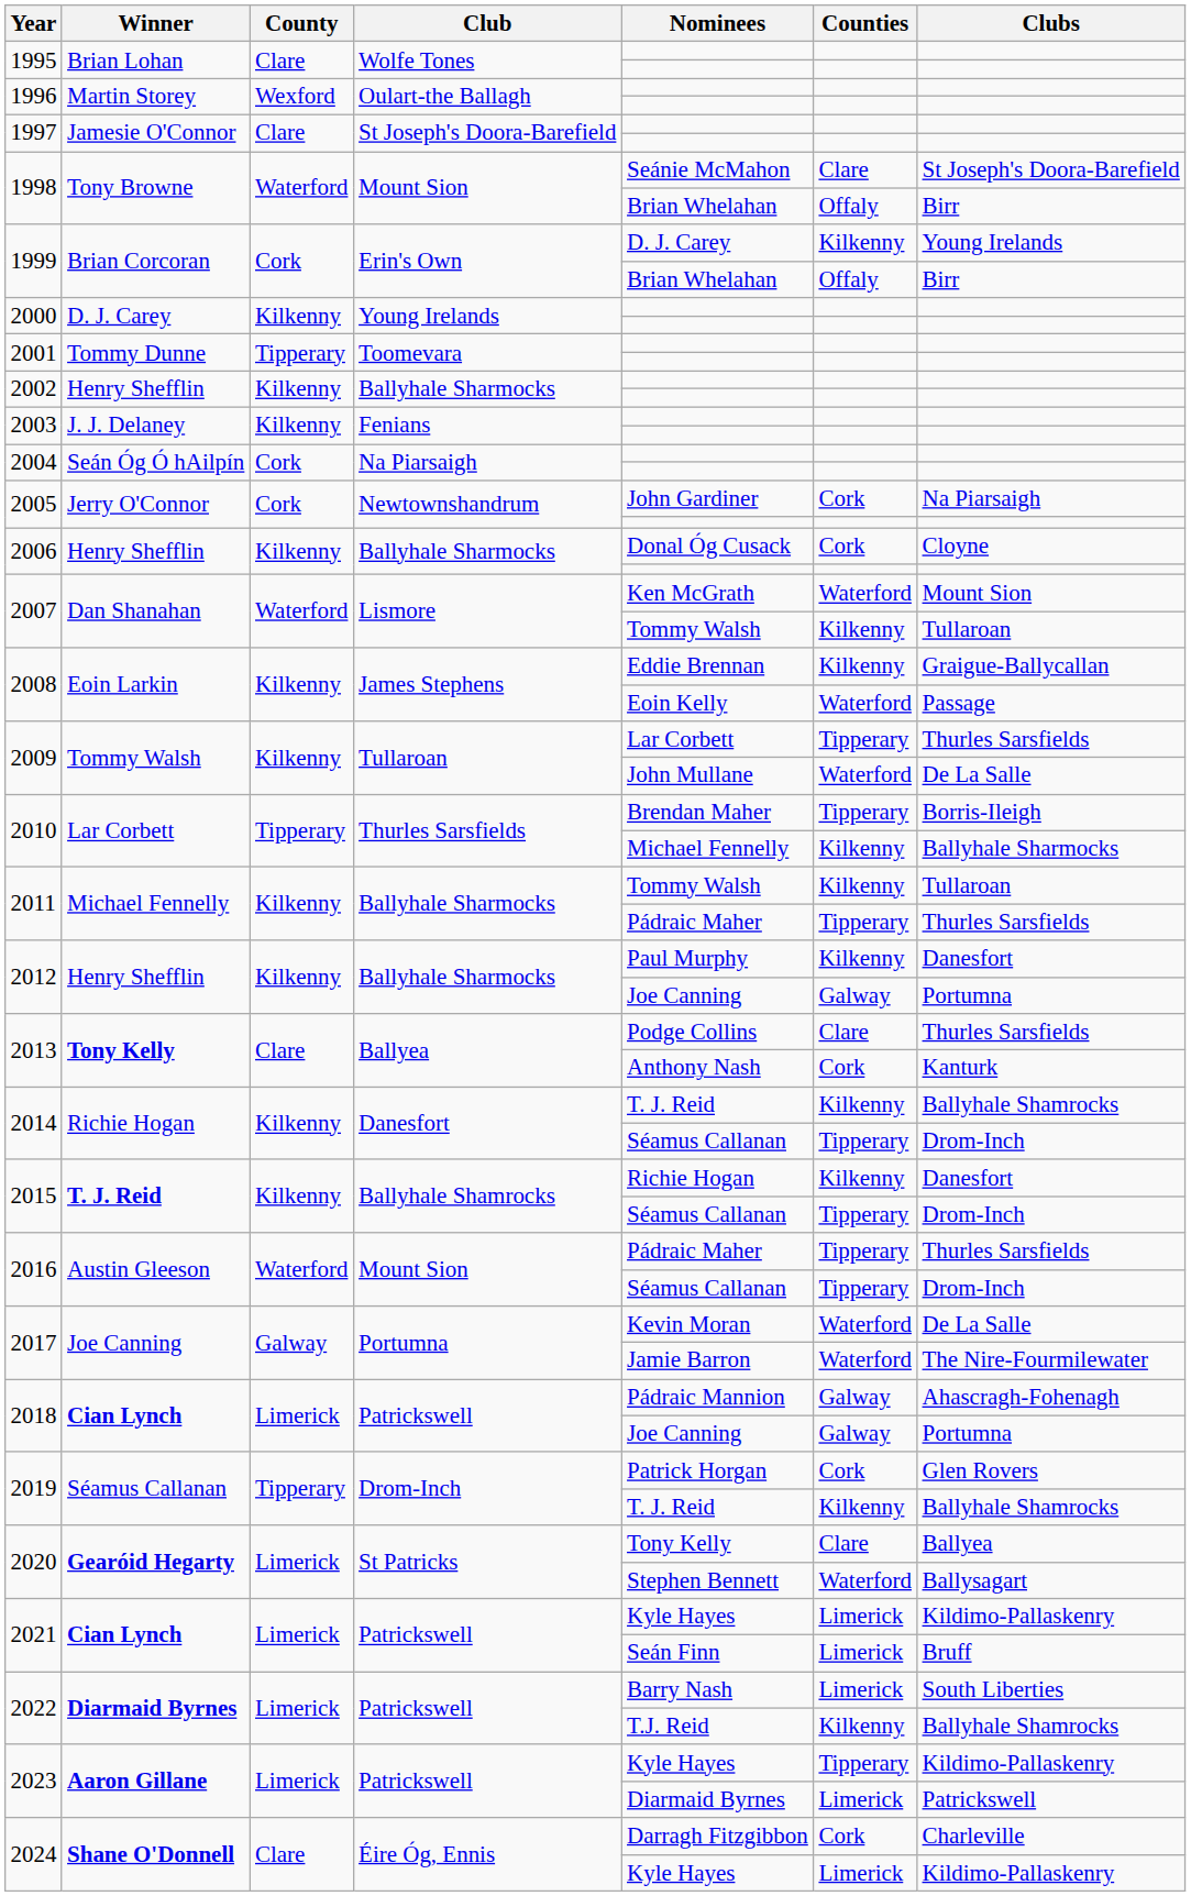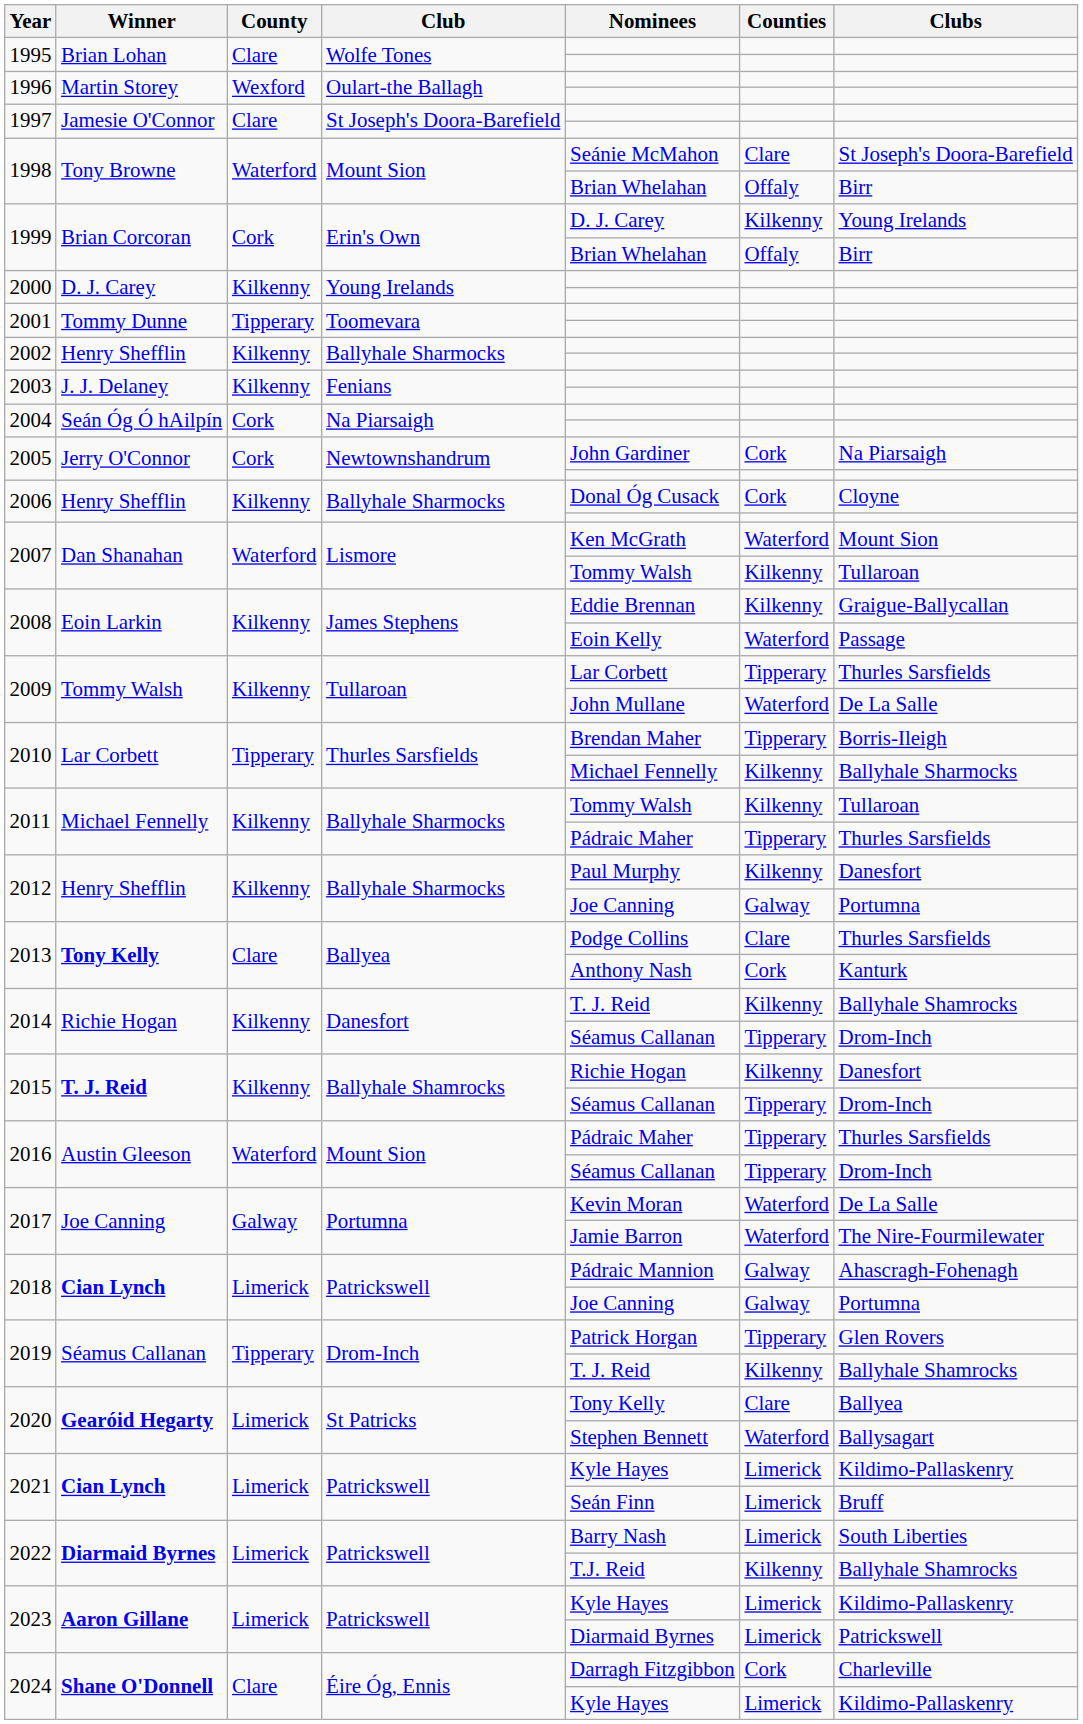 <table class="wikitable">
 <tr>
 <th>Year</th>
 <th>Winner</th>
 <th>County</th>
 <th>Club</th>
 <th>Nominees</th>
 <th>Counties</th>
 <th>Clubs</th>
 </tr>
 <tr>
 <td rowspan="2">1995</td>
 <td rowspan="2"><a href='#'>Brian Lohan</a></td>
 <td rowspan="2"><a href='#'>Clare</a></td>
 <td rowspan="2"><a href='#'>Wolfe Tones</a></td>
 <td></td>
 <td></td>
 <td></td>
 </tr>
 <tr>
 <td></td>
 <td></td>
 <td></td>
 </tr>
 <tr>
 <td rowspan="2">1996</td>
 <td rowspan="2"><a href='#'>Martin Storey</a></td>
 <td rowspan="2"><a href='#'>Wexford</a></td>
 <td rowspan="2"><a href='#'>Oulart-the Ballagh</a></td>
 <td></td>
 <td></td>
 <td></td>
 </tr>
 <tr>
 <td></td>
 <td></td>
 <td></td>
 </tr>
 <tr>
 <td rowspan="2">1997</td>
 <td rowspan="2"><a href='#'>Jamesie O'Connor</a></td>
 <td rowspan="2"><a href='#'>Clare</a></td>
 <td rowspan="2"><a href='#'>St Joseph's Doora-Barefield</a></td>
 <td></td>
 <td></td>
 <td></td>
 </tr>
 <tr>
 <td></td>
 <td></td>
 <td></td>
 </tr>
 <tr>
 <td rowspan="2">1998</td>
 <td rowspan="2"><a href='#'>Tony Browne</a></td>
 <td rowspan="2"><a href='#'>Waterford</a></td>
 <td rowspan="2"><a href='#'>Mount Sion</a></td>
 <td><a href='#'>Seánie McMahon</a></td>
 <td><a href='#'>Clare</a></td>
 <td><a href='#'>St Joseph's Doora-Barefield</a></td>
 </tr>
 <tr>
 <td><a href='#'>Brian Whelahan</a></td>
 <td><a href='#'>Offaly</a></td>
 <td><a href='#'>Birr</a></td>
 </tr>
 <tr>
 <td rowspan="2">1999</td>
 <td rowspan="2"><a href='#'>Brian Corcoran</a></td>
 <td rowspan="2"><a href='#'>Cork</a></td>
 <td rowspan="2"><a href='#'>Erin's Own</a></td>
 <td><a href='#'>D. J. Carey</a></td>
 <td><a href='#'>Kilkenny</a></td>
 <td><a href='#'>Young Irelands</a></td>
 </tr>
 <tr>
 <td><a href='#'>Brian Whelahan</a></td>
 <td><a href='#'>Offaly</a></td>
 <td><a href='#'>Birr</a></td>
 </tr>
 <tr>
 <td rowspan="2">2000</td>
 <td rowspan="2"><a href='#'>D. J. Carey</a></td>
 <td rowspan="2"><a href='#'>Kilkenny</a></td>
 <td rowspan="2"><a href='#'>Young Irelands</a></td>
 <td></td>
 <td></td>
 <td></td>
 </tr>
 <tr>
 <td></td>
 <td></td>
 <td></td>
 </tr>
 <tr>
 <td rowspan="2">2001</td>
 <td rowspan="2"><a href='#'>Tommy Dunne</a></td>
 <td rowspan="2"><a href='#'>Tipperary</a></td>
 <td rowspan="2"><a href='#'>Toomevara</a></td>
 <td></td>
 <td></td>
 <td></td>
 </tr>
 <tr>
 <td></td>
 <td></td>
 <td></td>
 </tr>
 <tr>
 <td rowspan="2">2002</td>
 <td rowspan="2"><a href='#'>Henry Shefflin</a></td>
 <td rowspan="2"><a href='#'>Kilkenny</a></td>
 <td rowspan="2"><a href='#'>Ballyhale Sharmocks</a></td>
 <td></td>
 <td></td>
 <td></td>
 </tr>
 <tr>
 <td></td>
 <td></td>
 <td></td>
 </tr>
 <tr>
 <td rowspan="2">2003</td>
 <td rowspan="2"><a href='#'>J. J. Delaney</a></td>
 <td rowspan="2"><a href='#'>Kilkenny</a></td>
 <td rowspan="2"><a href='#'>Fenians</a></td>
 <td></td>
 <td></td>
 <td></td>
 </tr>
 <tr>
 <td></td>
 <td></td>
 <td></td>
 </tr>
 <tr>
 <td rowspan="2">2004</td>
 <td rowspan="2"><a href='#'>Seán Óg Ó hAilpín</a></td>
 <td rowspan="2"><a href='#'>Cork</a></td>
 <td rowspan="2"><a href='#'>Na Piarsaigh</a></td>
 <td></td>
 <td></td>
 <td></td>
 </tr>
 <tr>
 <td></td>
 <td></td>
 <td></td>
 </tr>
 <tr>
 <td rowspan="2">2005</td>
 <td rowspan="2"><a href='#'>Jerry O'Connor</a></td>
 <td rowspan="2"><a href='#'>Cork</a></td>
 <td rowspan="2"><a href='#'>Newtownshandrum</a></td>
 <td><a href='#'>John Gardiner</a></td>
 <td><a href='#'>Cork</a></td>
 <td><a href='#'>Na Piarsaigh</a></td>
 </tr>
 <tr>
 <td></td>
 <td></td>
 <td></td>
 </tr>
 <tr>
 <td rowspan="2">2006</td>
 <td rowspan="2"><a href='#'>Henry Shefflin</a></td>
 <td rowspan="2"><a href='#'>Kilkenny</a></td>
 <td rowspan="2"><a href='#'>Ballyhale Sharmocks</a></td>
 <td><a href='#'>Donal Óg Cusack</a></td>
 <td><a href='#'>Cork</a></td>
 <td><a href='#'>Cloyne</a></td>
 </tr>
 <tr>
 <td></td>
 <td></td>
 <td></td>
 </tr>
 <tr>
 <td rowspan="2">2007</td>
 <td rowspan="2"><a href='#'>Dan Shanahan</a></td>
 <td rowspan="2"><a href='#'>Waterford</a></td>
 <td rowspan="2"><a href='#'>Lismore</a></td>
 <td><a href='#'>Ken McGrath</a></td>
 <td><a href='#'>Waterford</a></td>
 <td><a href='#'>Mount Sion</a></td>
 </tr>
 <tr>
 <td><a href='#'>Tommy Walsh</a></td>
 <td><a href='#'>Kilkenny</a></td>
 <td><a href='#'>Tullaroan</a></td>
 </tr>
 <tr>
 <td rowspan="2">2008</td>
 <td rowspan="2"><a href='#'>Eoin Larkin</a></td>
 <td rowspan="2"><a href='#'>Kilkenny</a></td>
 <td rowspan="2"><a href='#'>James Stephens</a></td>
 <td><a href='#'>Eddie Brennan</a></td>
 <td><a href='#'>Kilkenny</a></td>
 <td><a href='#'>Graigue-Ballycallan</a></td>
 </tr>
 <tr>
 <td><a href='#'>Eoin Kelly</a></td>
 <td><a href='#'>Waterford</a></td>
 <td><a href='#'>Passage</a></td>
 </tr>
 <tr>
 <td rowspan="2">2009</td>
 <td rowspan="2"><a href='#'>Tommy Walsh</a></td>
 <td rowspan="2"><a href='#'>Kilkenny</a></td>
 <td rowspan="2"><a href='#'>Tullaroan</a></td>
 <td><a href='#'>Lar Corbett</a></td>
 <td><a href='#'>Tipperary</a></td>
 <td><a href='#'>Thurles Sarsfields</a></td>
 </tr>
 <tr>
 <td><a href='#'>John Mullane</a></td>
 <td><a href='#'>Waterford</a></td>
 <td><a href='#'>De La Salle</a></td>
 </tr>
 <tr>
 <td rowspan="2">2010</td>
 <td rowspan="2"><a href='#'>Lar Corbett</a></td>
 <td rowspan="2"><a href='#'>Tipperary</a></td>
 <td rowspan="2"><a href='#'>Thurles Sarsfields</a></td>
 <td><a href='#'>Brendan Maher</a></td>
 <td><a href='#'>Tipperary</a></td>
 <td><a href='#'>Borris-Ileigh</a></td>
 </tr>
 <tr>
 <td><a href='#'>Michael Fennelly</a></td>
 <td><a href='#'>Kilkenny</a></td>
 <td><a href='#'>Ballyhale Sharmocks</a></td>
 </tr>
 <tr>
 <td rowspan="2">2011</td>
 <td rowspan="2"><a href='#'>Michael Fennelly</a></td>
 <td rowspan="2"><a href='#'>Kilkenny</a></td>
 <td rowspan="2"><a href='#'>Ballyhale Sharmocks</a></td>
 <td><a href='#'>Tommy Walsh</a></td>
 <td><a href='#'>Kilkenny</a></td>
 <td><a href='#'>Tullaroan</a></td>
 </tr>
 <tr>
 <td><a href='#'>Pádraic Maher</a></td>
 <td><a href='#'>Tipperary</a></td>
 <td><a href='#'>Thurles Sarsfields</a></td>
 </tr>
 <tr>
 <td rowspan="2">2012</td>
 <td rowspan="2"><a href='#'>Henry Shefflin</a></td>
 <td rowspan="2"><a href='#'>Kilkenny</a></td>
 <td rowspan="2"><a href='#'>Ballyhale Sharmocks</a></td>
 <td><a href='#'>Paul Murphy</a></td>
 <td><a href='#'>Kilkenny</a></td>
 <td><a href='#'>Danesfort</a></td>
 </tr>
 <tr>
 <td><a href='#'>Joe Canning</a></td>
 <td><a href='#'>Galway</a></td>
 <td><a href='#'>Portumna</a></td>
 </tr>
 <tr>
 <td rowspan="2">2013</td>
 <td rowspan="2"><strong><a href='#'>Tony Kelly</a></strong></td>
 <td rowspan="2"><a href='#'>Clare</a></td>
 <td rowspan="2"><a href='#'>Ballyea</a></td>
 <td><a href='#'>Podge Collins</a></td>
 <td><a href='#'>Clare</a></td>
 <td><a href='#'>Thurles Sarsfields</a></td>
 </tr>
 <tr>
 <td><a href='#'>Anthony Nash</a></td>
 <td><a href='#'>Cork</a></td>
 <td><a href='#'>Kanturk</a></td>
 </tr>
 <tr>
 <td rowspan="2">2014</td>
 <td rowspan="2"><a href='#'>Richie Hogan</a></td>
 <td rowspan="2"><a href='#'>Kilkenny</a></td>
 <td rowspan="2"><a href='#'>Danesfort</a></td>
 <td><a href='#'>T. J. Reid</a></td>
 <td><a href='#'>Kilkenny</a></td>
 <td><a href='#'>Ballyhale Shamrocks</a></td>
 </tr>
 <tr>
 <td><a href='#'>Séamus Callanan</a></td>
 <td><a href='#'>Tipperary</a></td>
 <td><a href='#'>Drom-Inch</a></td>
 </tr>
 <tr>
 <td rowspan="2">2015</td>
 <td rowspan="2"><strong><a href='#'>T. J. Reid</a></strong></td>
 <td rowspan="2"><a href='#'>Kilkenny</a></td>
 <td rowspan="2"><a href='#'>Ballyhale Shamrocks</a></td>
 <td><a href='#'>Richie Hogan</a></td>
 <td><a href='#'>Kilkenny</a></td>
 <td><a href='#'>Danesfort</a></td>
 </tr>
 <tr>
 <td><a href='#'>Séamus Callanan</a></td>
 <td><a href='#'>Tipperary</a></td>
 <td><a href='#'>Drom-Inch</a></td>
 </tr>
 <tr>
 <td rowspan="2">2016</td>
 <td rowspan="2"><a href='#'>Austin Gleeson</a></td>
 <td rowspan="2"><a href='#'>Waterford</a></td>
 <td rowspan="2"><a href='#'>Mount Sion</a></td>
 <td><a href='#'>Pádraic Maher</a></td>
 <td><a href='#'>Tipperary</a></td>
 <td><a href='#'>Thurles Sarsfields</a></td>
 </tr>
 <tr>
 <td><a href='#'>Séamus Callanan</a></td>
 <td><a href='#'>Tipperary</a></td>
 <td><a href='#'>Drom-Inch</a></td>
 </tr>
 <tr>
 <td rowspan="2">2017</td>
 <td rowspan="2"><a href='#'>Joe Canning</a></td>
 <td rowspan="2"><a href='#'>Galway</a></td>
 <td rowspan="2"><a href='#'>Portumna</a></td>
 <td><a href='#'>Kevin Moran</a></td>
 <td><a href='#'>Waterford</a></td>
 <td><a href='#'>De La Salle</a></td>
 </tr>
 <tr>
 <td><a href='#'>Jamie Barron</a></td>
 <td><a href='#'>Waterford</a></td>
 <td><a href='#'>The Nire-Fourmilewater</a></td>
 </tr>
 <tr>
 <td rowspan="2">2018</td>
 <td rowspan="2"><strong><a href='#'>Cian Lynch</a></strong></td>
 <td rowspan="2"><a href='#'>Limerick</a></td>
 <td rowspan="2"><a href='#'>Patrickswell</a></td>
 <td><a href='#'>Pádraic Mannion</a></td>
 <td><a href='#'>Galway</a></td>
 <td><a href='#'>Ahascragh-Fohenagh</a></td>
 </tr>
 <tr>
 <td><a href='#'>Joe Canning</a></td>
 <td><a href='#'>Galway</a></td>
 <td><a href='#'>Portumna</a></td>
 </tr>
 <tr>
 <td rowspan="2">2019</td>
 <td rowspan="2"><a href='#'>Séamus Callanan</a></td>
 <td rowspan="2"><a href='#'>Tipperary</a></td>
 <td rowspan="2"><a href='#'>Drom-Inch</a></td>
 <td><a href='#'>Patrick Horgan</a></td>
-<td><a href='#'>Cork</a></td>
+<td><a href='#'>Tipperary</a></td>
 <td><a href='#'>Glen Rovers</a></td>
 </tr>
 <tr>
 <td><a href='#'>T. J. Reid</a></td>
 <td><a href='#'>Kilkenny</a></td>
 <td><a href='#'>Ballyhale Shamrocks</a></td>
 </tr>
 <tr>
 <td rowspan="2">2020</td>
 <td rowspan="2"><strong><a href='#'>Gearóid Hegarty</a></strong></td>
 <td rowspan="2"><a href='#'>Limerick</a></td>
 <td rowspan="2"><a href='#'>St Patricks</a></td>
 <td><a href='#'>Tony Kelly</a></td>
 <td><a href='#'>Clare</a></td>
 <td><a href='#'>Ballyea</a></td>
 </tr>
 <tr>
 <td><a href='#'>Stephen Bennett</a></td>
 <td><a href='#'>Waterford</a></td>
 <td><a href='#'>Ballysagart</a></td>
 </tr>
 <tr>
 <td rowspan="2">2021</td>
 <td rowspan="2"><strong><a href='#'>Cian Lynch</a></strong></td>
 <td rowspan="2"><a href='#'>Limerick</a></td>
 <td rowspan="2"><a href='#'>Patrickswell</a></td>
 <td><a href='#'>Kyle Hayes</a></td>
 <td><a href='#'>Limerick</a></td>
 <td><a href='#'>Kildimo-Pallaskenry</a></td>
 </tr>
 <tr>
 <td><a href='#'>Seán Finn</a></td>
 <td><a href='#'>Limerick</a></td>
 <td><a href='#'>Bruff</a></td>
 </tr>
 <tr>
 <td rowspan="2">2022</td>
 <td rowspan="2"><strong><a href='#'>Diarmaid Byrnes</a></strong></td>
 <td rowspan="2"><a href='#'>Limerick</a></td>
 <td rowspan="2"><a href='#'>Patrickswell</a></td>
 <td><a href='#'>Barry Nash</a></td>
 <td><a href='#'>Limerick</a></td>
 <td><a href='#'>South Liberties</a></td>
 </tr>
 <tr>
 <td><a href='#'>T.J. Reid</a></td>
 <td><a href='#'>Kilkenny</a></td>
 <td><a href='#'>Ballyhale Shamrocks</a></td>
 </tr>
 <tr>
 <td rowspan="2">2023</td>
 <td rowspan="2"><strong><a href='#'>Aaron Gillane</a></strong></td>
 <td rowspan="2"><a href='#'>Limerick</a></td>
 <td rowspan="2"><a href='#'>Patrickswell</a></td>
 <td><a href='#'>Kyle Hayes</a></td>
-<td><a href='#'>Tipperary</a></td>
+<td><a href='#'>Limerick</a></td>
 <td><a href='#'>Kildimo-Pallaskenry</a></td>
 </tr>
 <tr>
 <td><a href='#'>Diarmaid Byrnes</a></td>
 <td><a href='#'>Limerick</a></td>
 <td><a href='#'>Patrickswell</a></td>
 </tr>
 <tr>
 <td rowspan="2">2024</td>
 <td rowspan="2"><strong><a href='#'>Shane O'Donnell</a></strong></td>
 <td rowspan="2"><a href='#'>Clare</a></td>
 <td rowspan="2"><a href='#'>Éire Óg, Ennis</a></td>
 <td><a href='#'>Darragh Fitzgibbon</a></td>
 <td><a href='#'>Cork</a></td>
 <td><a href='#'>Charleville</a></td>
 </tr>
 <tr>
 <td><a href='#'>Kyle Hayes</a></td>
 <td><a href='#'>Limerick</a></td>
 <td><a href='#'>Kildimo-Pallaskenry</a></td>
 </tr>
 </table>
